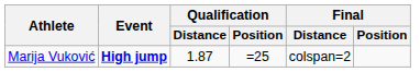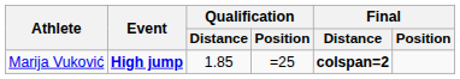 <table class=wikitable style=font-size:90%>
 <tr>
 <th rowspan=2>Athlete</th>
 <th rowspan=2>Event</th>
 <th colspan=2>Qualification</th>
 <th colspan=2>Final</th>
 </tr>
 <tr style=font-size:95%>
 <th>Distance</th>
 <th>Position</th>
 <th>Distance</th>
 <th>Position</th>
 </tr>
 <tr align=center>
 <td align=left><a href='#'>Marija Vuković</a></td>
 <td align=left><strong><a href='#'>High jump</a></strong></td>
-<td>1.87</td>
+<td>1.85</td>
 <td>=25</td>
-<td>colspan=2 </td>
+<td><strong>colspan=2 </strong></td>
 </tr>
 </table>
